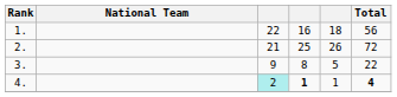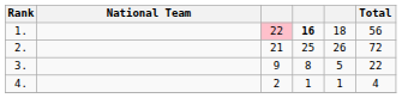 <table class="wikitable" style="font-size: 95%; text-align:center;">
 <tr>
 <th width=30px>Rank</th>
 <th width=250px>National Team</th>
 <th width=30px ></th>
 <th width=30px ></th>
 <th width=30px ></th>
 <th width=40px>Total</th>
 </tr>
 <tr>
 <td>1.</td>
 <td align=left></td>
-<td>22</td>
-<td>16</td>
+<td style="background: pink;">22</td>
+<td><strong>16</strong></td>
 <td>18</td>
 <td>56</td>
 </tr>
 <tr>
 <td>2.</td>
 <td align=left></td>
 <td>21</td>
 <td>25</td>
 <td>26</td>
 <td>72</td>
 </tr>
 <tr>
 <td>3.</td>
 <td align=left></td>
 <td>9</td>
 <td>8</td>
 <td>5</td>
 <td>22</td>
 </tr>
 <tr>
 <td>4.</td>
 <td align=left></td>
-<td style="background: paleturquoise;">2</td>
-<td><strong>1</strong></td>
+<td>2</td>
 <td>1</td>
-<td><strong>4</strong></td>
+<td>1</td>
+<td>4</td>
 </tr>
 <tr>
 </tr>
 </table>
